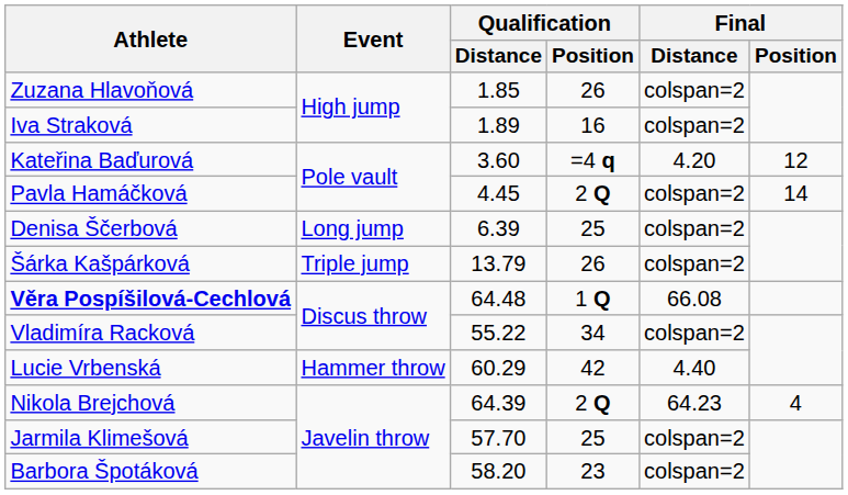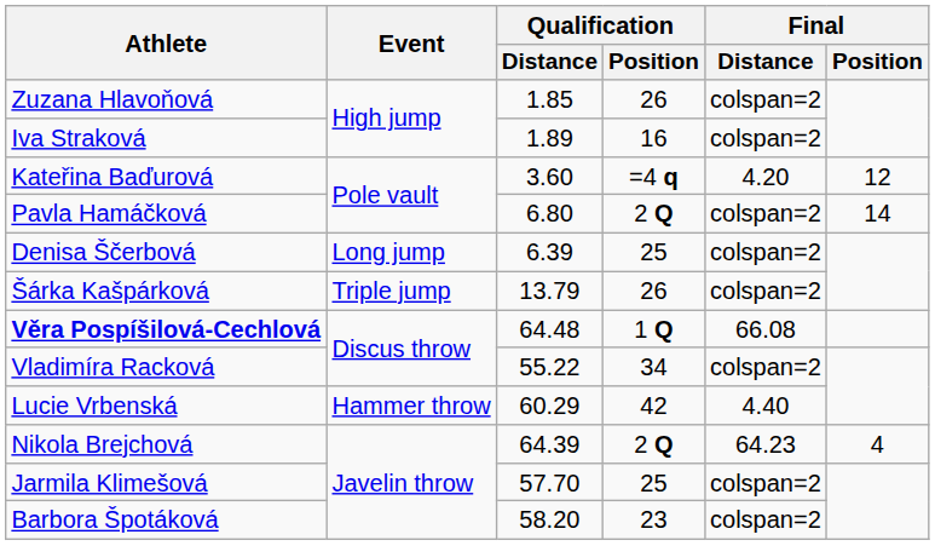 <table class=wikitable style="font-size:90%">
 <tr>
 <th rowspan="2">Athlete</th>
 <th rowspan="2">Event</th>
 <th colspan="2">Qualification</th>
 <th colspan="2">Final</th>
 </tr>
 <tr style="font-size:95%">
 <th>Distance</th>
 <th>Position</th>
 <th>Distance</th>
 <th>Position</th>
 </tr>
 <tr align=center>
 <td align=left><a href='#'>Zuzana Hlavoňová</a></td>
 <td rowspan=2 align=left><a href='#'>High jump</a></td>
 <td>1.85</td>
 <td>26</td>
 <td>colspan=2 </td>
 </tr>
 <tr align=center>
 <td align=left><a href='#'>Iva Straková</a></td>
 <td>1.89</td>
 <td>16</td>
 <td>colspan=2 </td>
 </tr>
 <tr align=center>
 <td align=left><a href='#'>Kateřina Baďurová</a></td>
 <td rowspan=2 align=left><a href='#'>Pole vault</a></td>
 <td>3.60</td>
 <td>=4 <strong>q</strong></td>
 <td>4.20</td>
 <td>12</td>
 </tr>
 <tr align=center>
 <td align=left><a href='#'>Pavla Hamáčková</a></td>
-<td>4.45</td>
+<td>6.80</td>
 <td>2 <strong>Q</strong></td>
 <td>colspan=2 </td>
 <td>14</td>
 </tr>
 <tr align=center>
 <td align=left><a href='#'>Denisa Ščerbová</a></td>
 <td align=left><a href='#'>Long jump</a></td>
 <td>6.39</td>
 <td>25</td>
 <td>colspan=2 </td>
 </tr>
 <tr align=center>
 <td align=left><a href='#'>Šárka Kašpárková</a></td>
 <td align=left><a href='#'>Triple jump</a></td>
 <td>13.79</td>
 <td>26</td>
 <td>colspan=2 </td>
 </tr>
 <tr align=center>
 <td align=left><strong><a href='#'>Věra Pospíšilová-Cechlová</a></strong></td>
 <td align=left rowspan=2><a href='#'>Discus throw</a></td>
 <td>64.48</td>
 <td>1 <strong>Q</strong></td>
 <td>66.08</td>
 <td></td>
 </tr>
 <tr align=center>
 <td align=left><a href='#'>Vladimíra Racková</a></td>
 <td>55.22</td>
 <td>34</td>
 <td>colspan=2 </td>
 </tr>
 <tr align=center>
 <td align=left><a href='#'>Lucie Vrbenská</a></td>
 <td align=left><a href='#'>Hammer throw</a></td>
 <td>60.29</td>
 <td>42</td>
 <td>4.40</td>
 </tr>
 <tr align=center>
 <td align=left><a href='#'>Nikola Brejchová</a></td>
 <td rowspan=3 align=left><a href='#'>Javelin throw</a></td>
 <td>64.39</td>
 <td>2 <strong>Q</strong></td>
 <td>64.23</td>
 <td>4</td>
 </tr>
 <tr align=center>
 <td align=left><a href='#'>Jarmila Klimešová</a></td>
 <td>57.70</td>
 <td>25</td>
 <td>colspan=2 </td>
 </tr>
 <tr align=center>
 <td align=left><a href='#'>Barbora Špotáková</a></td>
 <td>58.20</td>
 <td>23</td>
 <td>colspan=2 </td>
 </tr>
 </table>
